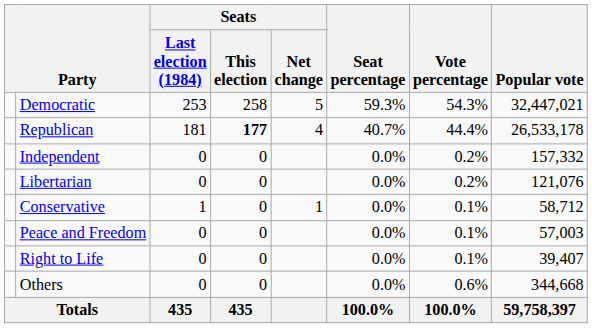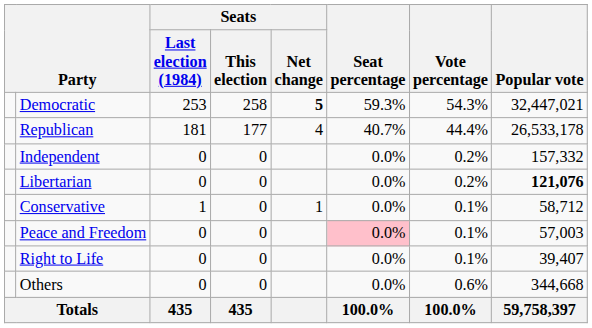 <table class=wikitable>
 <tr valign=bottom>
 <th rowspan=2 colspan=2>Party</th>
 <th colspan=3>Seats</th>
 <th rowspan=2>Seat<br>percentage</th>
 <th rowspan=2>Vote<br>percentage</th>
 <th rowspan=2>Popular vote</th>
 </tr>
 <tr valign=bottom>
 <th><a href='#'>Last<br>election<br>(1984)</a></th>
 <th>This<br>election</th>
 <th>Net<br>change</th>
 </tr>
 <tr>
 <td style="background-color:"> </td>
 <td><a href='#'>Democratic</a></td>
 <td align=right >253</td>
 <td align=right >258</td>
-<td align=right > 5</td>
+<td align=right ><strong> 5</strong></td>
 <td align=right >59.3%</td>
 <td align=right >54.3%</td>
 <td align=right >32,447,021</td>
 </tr>
 <tr>
 <td style="background-color:"> </td>
 <td><a href='#'>Republican</a></td>
 <td align=right>181</td>
-<td align=right><strong>177</strong></td>
+<td align=right>177</td>
 <td align=right> 4</td>
 <td align=right>40.7%</td>
 <td align=right>44.4%</td>
 <td align=right>26,533,178</td>
 </tr>
 <tr>
 <td style="background-color:"> </td>
 <td><a href='#'>Independent</a></td>
 <td align=right>0</td>
 <td align=right>0</td>
 <td align=right></td>
 <td align=right>0.0%</td>
 <td align=right>0.2%</td>
 <td align=right>157,332</td>
 </tr>
 <tr>
 <td style="background-color:"> </td>
 <td><a href='#'>Libertarian</a></td>
 <td align=right>0</td>
 <td align=right>0</td>
 <td align=right></td>
 <td align=right>0.0%</td>
 <td align=right>0.2%</td>
-<td align=right>121,076</td>
+<td align=right><strong>121,076</strong></td>
 </tr>
 <tr>
 <td style="background-color:"> </td>
 <td><a href='#'>Conservative</a></td>
 <td align=right>1</td>
 <td align=right>0</td>
 <td align=right> 1</td>
 <td align=right>0.0%</td>
 <td align=right>0.1%</td>
 <td align=right>58,712</td>
 </tr>
 <tr>
 <td style="background-color:"> </td>
 <td><a href='#'>Peace and Freedom</a></td>
 <td align=right>0</td>
 <td align=right>0</td>
 <td align=right></td>
-<td align=right>0.0%</td>
+<td align=right style="background: pink;">0.0%</td>
 <td align=right>0.1%</td>
 <td align=right>57,003</td>
 </tr>
 <tr>
 <td style="background-color:"> </td>
 <td><a href='#'>Right to Life</a></td>
 <td align=right>0</td>
 <td align=right>0</td>
 <td align=right></td>
 <td align=right>0.0%</td>
 <td align=right>0.1%</td>
 <td align=right>39,407</td>
 </tr>
 <tr>
 <td style="background-color:"> </td>
 <td>Others</td>
 <td align=right>0</td>
 <td align=right>0</td>
 <td align=right></td>
 <td align=right>0.0%</td>
 <td align=right>0.6%</td>
 <td align=right>344,668</td>
 </tr>
 <tr>
 <th colspan=2>Totals</th>
 <th>435</th>
 <th>435</th>
 <th></th>
 <th>100.0%</th>
 <th>100.0%</th>
 <th>59,758,397</th>
 </tr>
 </table>
